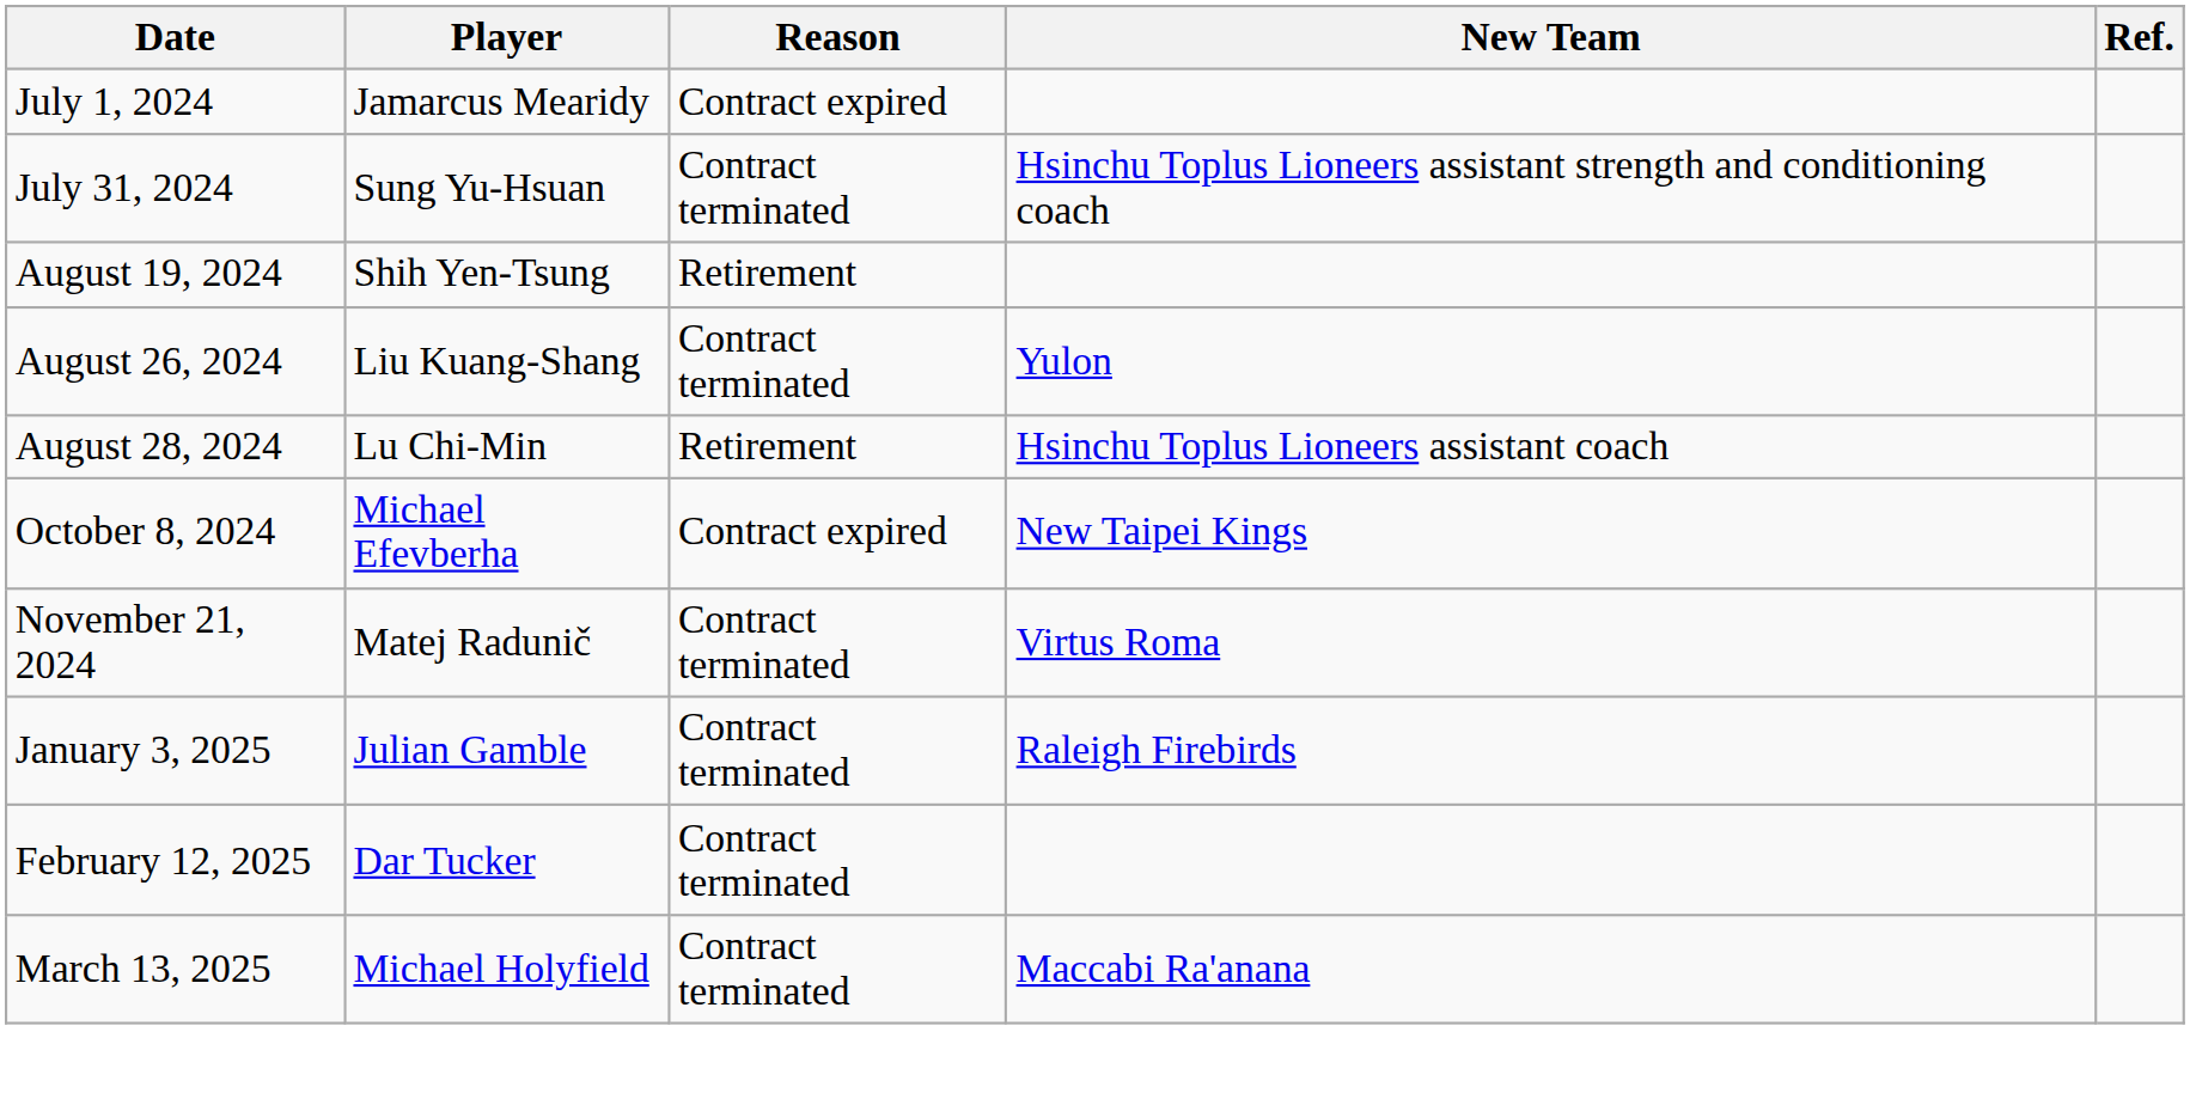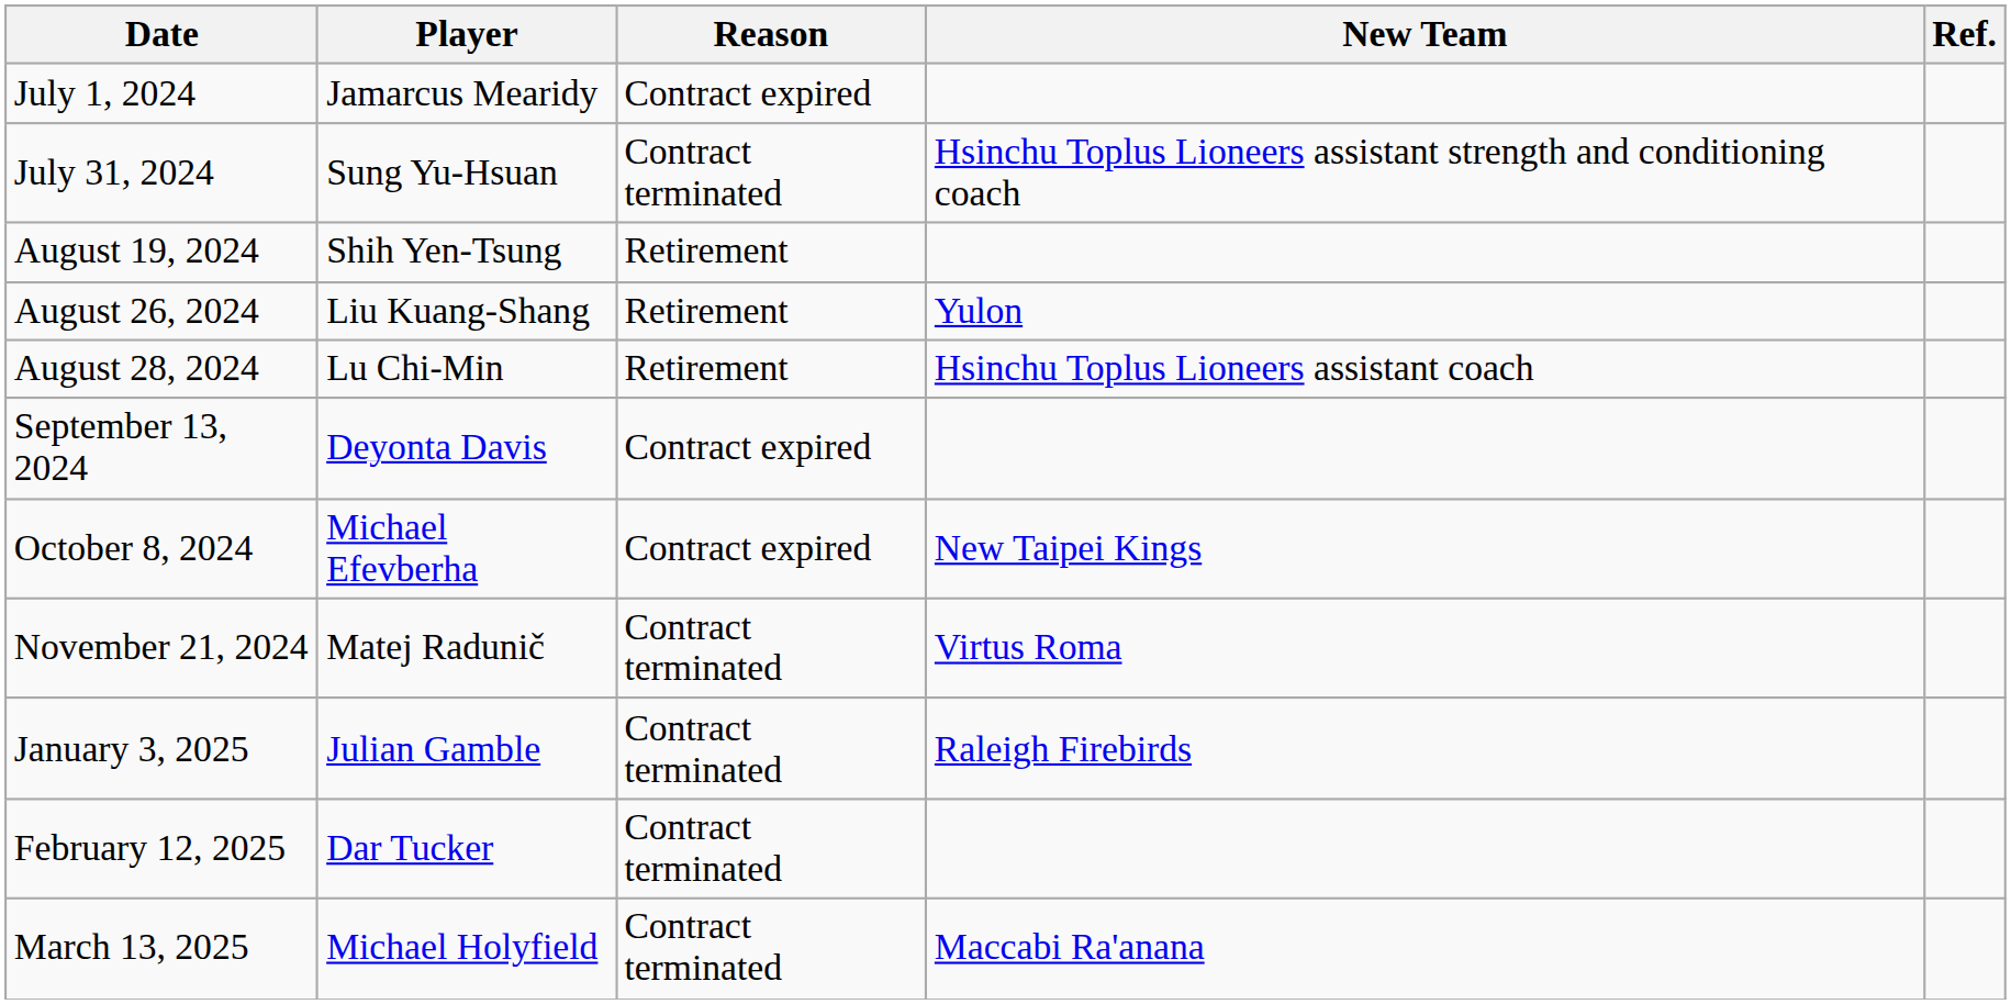 <table class="wikitable">
 <tr>
 <th>Date</th>
 <th>Player</th>
 <th>Reason</th>
 <th>New Team</th>
 <th>Ref.</th>
 </tr>
 <tr>
 <td>July 1, 2024</td>
 <td>Jamarcus Mearidy</td>
 <td>Contract expired</td>
 <td></td>
 <td></td>
 </tr>
 <tr>
 <td>July 31, 2024</td>
 <td>Sung Yu-Hsuan</td>
 <td>Contract terminated</td>
 <td> <a href='#'>Hsinchu Toplus Lioneers</a> assistant strength and conditioning coach</td>
 <td></td>
 </tr>
 <tr>
 <td>August 19, 2024</td>
 <td>Shih Yen-Tsung</td>
 <td>Retirement</td>
 <td></td>
 <td></td>
 </tr>
 <tr>
 <td>August 26, 2024</td>
 <td>Liu Kuang-Shang</td>
-<td>Contract terminated</td>
+<td>Retirement</td>
 <td> <a href='#'>Yulon</a></td>
 <td></td>
 </tr>
 <tr>
 <td>August 28, 2024</td>
 <td>Lu Chi-Min</td>
 <td>Retirement</td>
 <td> <a href='#'>Hsinchu Toplus Lioneers</a> assistant coach</td>
+<td></td>
+</tr>
+<tr>
+<td>September 13, 2024</td>
+<td><a href='#'>Deyonta Davis</a></td>
+<td>Contract expired</td>
+<td></td>
 <td></td>
 </tr>
 <tr>
 <td>October 8, 2024</td>
 <td><a href='#'>Michael Efevberha</a></td>
 <td>Contract expired</td>
 <td> <a href='#'>New Taipei Kings</a></td>
 <td></td>
 </tr>
 <tr>
 <td>November 21, 2024</td>
 <td>Matej Radunič</td>
 <td>Contract terminated</td>
 <td> <a href='#'>Virtus Roma</a></td>
 <td></td>
 </tr>
 <tr>
 <td>January 3, 2025</td>
 <td><a href='#'>Julian Gamble</a></td>
 <td>Contract terminated</td>
 <td> <a href='#'>Raleigh Firebirds</a></td>
 <td></td>
 </tr>
 <tr>
 <td>February 12, 2025</td>
 <td><a href='#'>Dar Tucker</a></td>
 <td>Contract terminated</td>
 <td></td>
 <td></td>
 </tr>
 <tr>
 <td>March 13, 2025</td>
 <td><a href='#'>Michael Holyfield</a></td>
 <td>Contract terminated</td>
 <td> <a href='#'>Maccabi Ra'anana</a></td>
 <td></td>
 </tr>
 </table>
